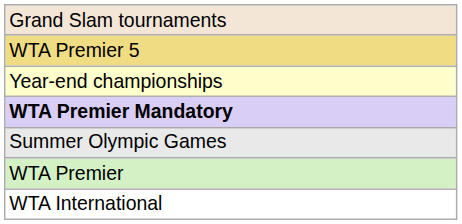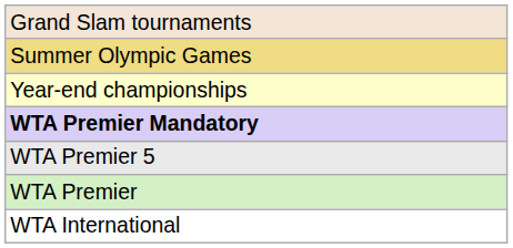 <table class=wikitable style=font-size:85%;width:20%>
 <tr style="background:#F3E6D7;">
 <td>Grand Slam tournaments</td>
 </tr>
 <tr style="background:#f0dc82;">
-<td>WTA Premier 5</td>
+<td>Summer Olympic Games</td>
 </tr>
 <tr style="background:#ffc;">
 <td>Year-end championships</td>
 </tr>
 <tr style="background:#d8cef6;">
 <td><strong>WTA Premier Mandatory</strong></td>
 </tr>
 <tr style="background:#E9E9E9;">
-<td>Summer Olympic Games</td>
+<td>WTA Premier 5</td>
 </tr>
 <tr style="background:#D4F1C5;">
 <td>WTA Premier</td>
 </tr>
 <tr style="background:#fff;">
 <td>WTA International</td>
 </tr>
 </table>
